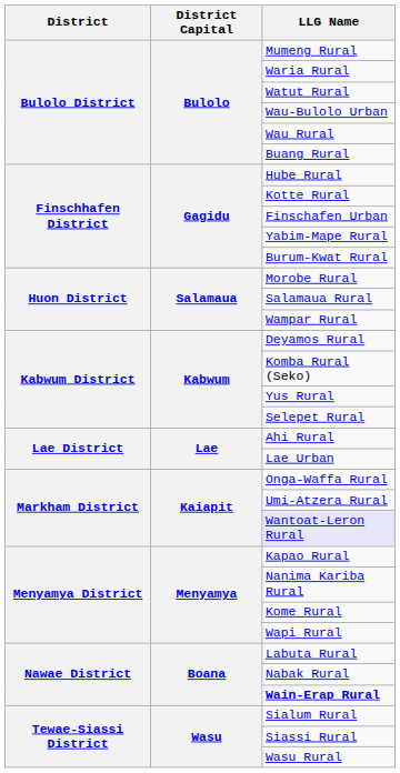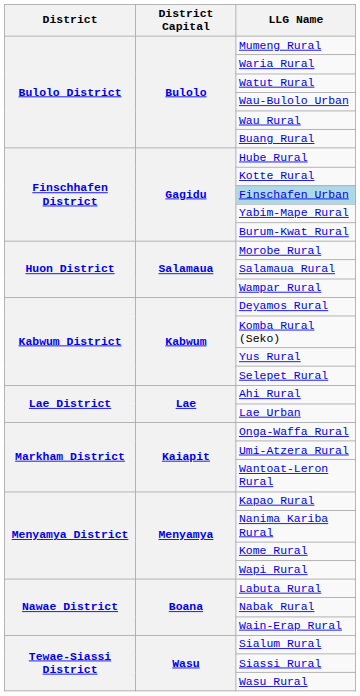 <table class="wikitable" style="text-align: left;" width="400">
 <tr>
 <th>District</th>
 <th>District Capital</th>
 <th>LLG Name</th>
 </tr>
 <tr>
 <th rowspan="6"><a href='#'>Bulolo District</a></th>
 <th rowspan="6"><a href='#'>Bulolo</a></th>
 <td><a href='#'>Mumeng Rural</a></td>
 </tr>
 <tr>
 <td><a href='#'>Waria Rural</a></td>
 </tr>
 <tr>
 <td><a href='#'>Watut Rural</a></td>
 </tr>
 <tr>
 <td><a href='#'>Wau-Bulolo Urban</a></td>
 </tr>
 <tr>
 <td><a href='#'>Wau Rural</a></td>
 </tr>
 <tr>
 <td><a href='#'>Buang Rural</a></td>
 </tr>
 <tr>
 <th rowspan="5"><a href='#'>Finschhafen District</a></th>
 <th rowspan="5"><a href='#'>Gagidu</a></th>
 <td><a href='#'>Hube Rural</a></td>
 </tr>
 <tr>
 <td><a href='#'>Kotte Rural</a></td>
 </tr>
 <tr>
-<td><a href='#'>Finschafen Urban</a></td>
+<td style="background: lightblue;"><a href='#'>Finschafen Urban</a></td>
 </tr>
 <tr>
 <td><a href='#'>Yabim-Mape Rural</a></td>
 </tr>
 <tr>
 <td><a href='#'>Burum-Kwat Rural</a></td>
 </tr>
 <tr>
 <th rowspan="3"><a href='#'>Huon District</a></th>
 <th rowspan="3"><a href='#'>Salamaua</a></th>
 <td><a href='#'>Morobe Rural</a></td>
 </tr>
 <tr>
 <td><a href='#'>Salamaua Rural</a></td>
 </tr>
 <tr>
 <td><a href='#'>Wampar Rural</a></td>
 </tr>
 <tr>
 <th rowspan="4"><a href='#'>Kabwum District</a></th>
 <th rowspan="4"><a href='#'>Kabwum</a></th>
 <td><a href='#'>Deyamos Rural</a></td>
 </tr>
 <tr>
 <td><a href='#'>Komba Rural</a> (Seko)</td>
 </tr>
 <tr>
 <td><a href='#'>Yus Rural</a></td>
 </tr>
 <tr>
 <td><a href='#'>Selepet Rural</a></td>
 </tr>
 <tr>
 <th rowspan="2"><a href='#'>Lae District</a></th>
 <th rowspan="2"><a href='#'>Lae</a></th>
 <td><a href='#'>Ahi Rural</a></td>
 </tr>
 <tr>
 <td><a href='#'>Lae Urban</a></td>
 </tr>
 <tr>
 <th rowspan="3"><a href='#'>Markham District</a></th>
 <th rowspan="3"><a href='#'>Kaiapit</a></th>
 <td><a href='#'>Onga-Waffa Rural</a></td>
 </tr>
 <tr>
 <td><a href='#'>Umi-Atzera Rural</a></td>
 </tr>
 <tr>
-<td style="background: lavender;"><a href='#'>Wantoat-Leron Rural</a></td>
+<td><a href='#'>Wantoat-Leron Rural</a></td>
 </tr>
 <tr>
 <th rowspan="4"><a href='#'>Menyamya District</a></th>
 <th rowspan="4"><a href='#'>Menyamya</a></th>
 <td><a href='#'>Kapao Rural</a></td>
 </tr>
 <tr>
 <td><a href='#'>Nanima Kariba Rural</a></td>
 </tr>
 <tr>
 <td><a href='#'>Kome Rural</a></td>
 </tr>
 <tr>
 <td><a href='#'>Wapi Rural</a></td>
 </tr>
 <tr>
 <th rowspan="3"><a href='#'>Nawae District</a></th>
 <th rowspan="3"><a href='#'>Boana</a></th>
 <td><a href='#'>Labuta Rural</a></td>
 </tr>
 <tr>
 <td><a href='#'>Nabak Rural</a></td>
 </tr>
 <tr>
-<td><strong><a href='#'>Wain-Erap Rural</a></strong></td>
+<td><a href='#'>Wain-Erap Rural</a></td>
 </tr>
 <tr>
 <th rowspan="3"><a href='#'>Tewae-Siassi District</a></th>
 <th rowspan="3"><a href='#'>Wasu</a></th>
 <td><a href='#'>Sialum Rural</a></td>
 </tr>
 <tr>
 <td><a href='#'>Siassi Rural</a></td>
 </tr>
 <tr>
 <td><a href='#'>Wasu Rural</a></td>
 </tr>
 </table>
